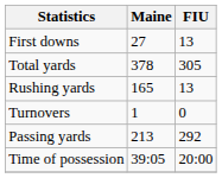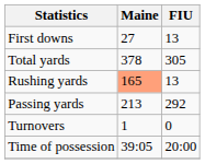 <table class="wikitable">
 <tr>
 <th>Statistics</th>
 <th>Maine</th>
 <th>FIU</th>
 </tr>
 <tr>
 <td>First downs</td>
 <td>27</td>
 <td>13</td>
 </tr>
 <tr>
 <td>Total yards</td>
 <td>378</td>
 <td>305</td>
 </tr>
 <tr>
 <td>Rushing yards</td>
-<td>165</td>
+<td style="background: lightsalmon;">165</td>
 <td>13</td>
+</tr>
+<tr>
+<td>Passing yards</td>
+<td>213</td>
+<td>292</td>
 </tr>
 <tr>
 <td>Turnovers</td>
 <td>1</td>
 <td>0</td>
-</tr>
-<tr>
-<td>Passing yards</td>
-<td>213</td>
-<td>292</td>
 </tr>
 <tr>
 <td>Time of possession</td>
 <td>39:05</td>
 <td>20:00</td>
 </tr>
 <tr>
 </tr>
 </table>
